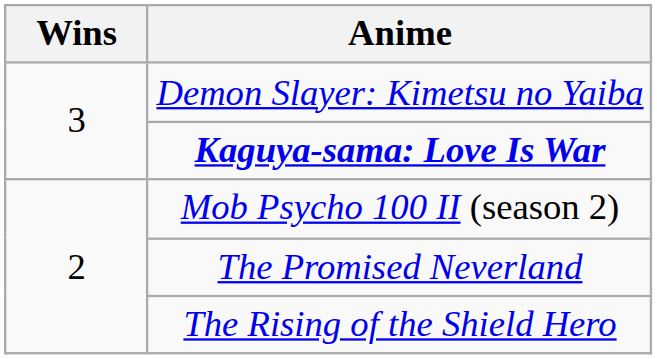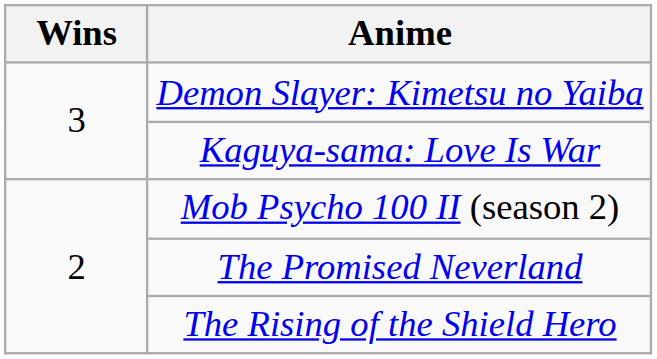 <table class="wikitable" style="text-align: center">
 <tr>
 <th scope="col" width="55">Wins</th>
 <th scope="col" align="center">Anime</th>
 </tr>
 <tr>
 <td rowspan="2">3</td>
 <td><em><a href='#'>Demon Slayer: Kimetsu no Yaiba</a></em></td>
 </tr>
 <tr>
-<td><strong><em><a href='#'>Kaguya-sama: Love Is War</a></em></strong></td>
+<td><em><a href='#'>Kaguya-sama: Love Is War</a></em></td>
 </tr>
 <tr>
 <td rowspan="3">2</td>
 <td><em><a href='#'>Mob Psycho 100 II</a></em> (season 2)</td>
 </tr>
 <tr>
 <td><em><a href='#'>The Promised Neverland</a></em></td>
 </tr>
 <tr>
 <td><em><a href='#'>The Rising of the Shield Hero</a></em></td>
 </tr>
 </table>
